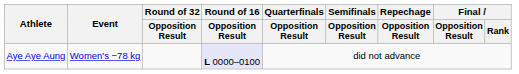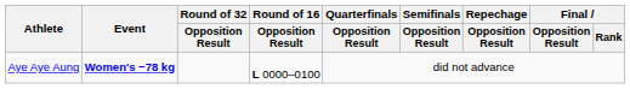 <table class="wikitable" style="font-size:90%">
 <tr>
 <th rowspan="2">Athlete</th>
 <th rowspan="2">Event</th>
 <th>Round of 32</th>
 <th>Round of 16</th>
 <th>Quarterfinals</th>
 <th>Semifinals</th>
 <th>Repechage</th>
 <th colspan=2>Final / </th>
 </tr>
 <tr style="font-size:95%">
 <th>Opposition<br>Result</th>
 <th>Opposition<br>Result</th>
 <th>Opposition<br>Result</th>
 <th>Opposition<br>Result</th>
 <th>Opposition<br>Result</th>
 <th>Opposition<br>Result</th>
 <th>Rank</th>
 </tr>
 <tr align=center>
 <td align=left><a href='#'>Aye Aye Aung</a></td>
-<td align=left><a href='#'>Women's −78 kg</a></td>
+<td align=left><strong><a href='#'>Women's −78 kg</a></strong></td>
 <td></td>
-<td style="background: lavender;"><br><strong>L</strong> 0000–0100</td>
+<td><br><strong>L</strong> 0000–0100</td>
 <td colspan=5>did not advance</td>
 </tr>
 </table>
